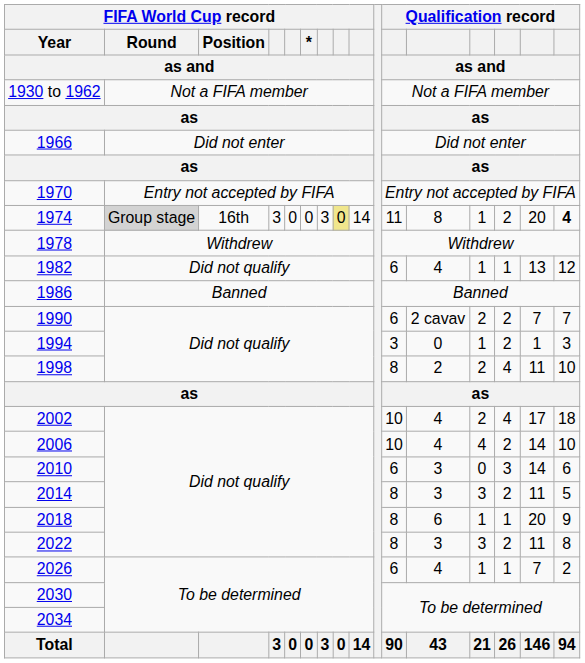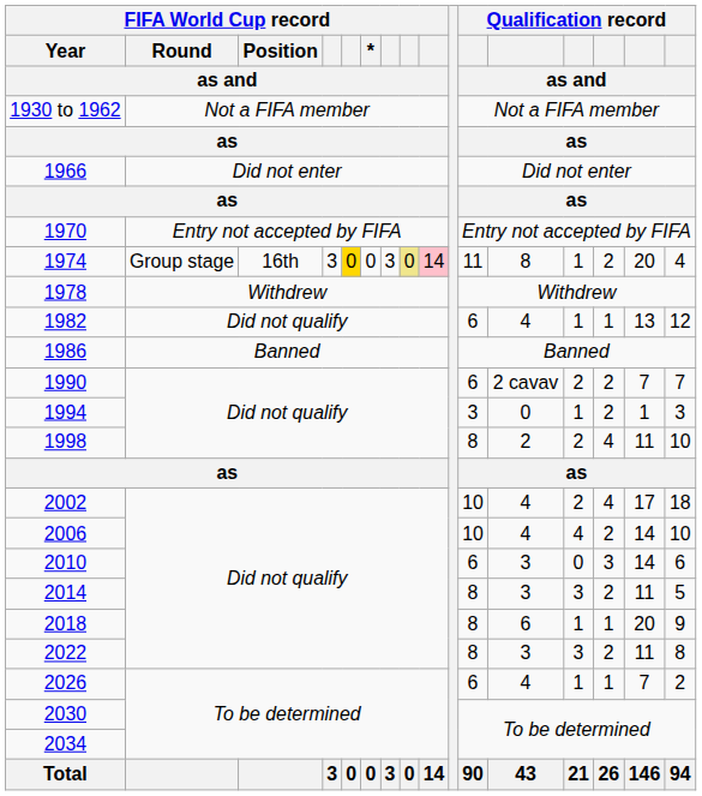 <table class="wikitable" style="text-align: center;">
 <tr>
 <th colspan=9><a href='#'>FIFA World Cup</a> record</th>
 <th rowspan=40></th>
 <th colspan=6><a href='#'>Qualification</a> record</th>
 </tr>
 <tr>
 <th>Year</th>
 <th>Round</th>
 <th>Position</th>
 <th></th>
 <th></th>
 <th>*</th>
 <th></th>
 <th></th>
 <th></th>
 <th></th>
 <th></th>
 <th></th>
 <th></th>
 <th></th>
 <th></th>
 </tr>
 <tr>
 <th colspan=9>as  and </th>
 <th colspan=6>as  and </th>
 </tr>
 <tr>
 <td><a href='#'>1930</a> to <a href='#'>1962</a></td>
 <td colspan=8><em>Not a FIFA member</em></td>
 <td colspan=6><em>Not a FIFA member</em></td>
 </tr>
 <tr>
 <th colspan=9>as </th>
 <th colspan=6>as </th>
 </tr>
 <tr>
 <td> <a href='#'>1966</a></td>
 <td colspan=8><em>Did not enter</em></td>
 <td colspan=6><em>Did not enter</em></td>
 </tr>
 <tr>
 <th colspan=9>as </th>
 <th colspan=6>as </th>
 </tr>
 <tr>
 <td> <a href='#'>1970</a></td>
 <td colspan=8><em>Entry not accepted by FIFA</em></td>
 <td colspan=6><em>Entry not accepted by FIFA</em></td>
 </tr>
 <tr>
 <td> <a href='#'>1974</a></td>
-<td style="background: lightgrey;">Group stage</td>
+<td>Group stage</td>
 <td>16th</td>
 <td>3</td>
-<td>0</td>
+<td style="background: gold;">0</td>
 <td>0</td>
 <td>3</td>
 <td style="background: khaki;">0</td>
-<td>14</td>
+<td style="background: pink;">14</td>
 <td>11</td>
 <td>8</td>
 <td>1</td>
 <td>2</td>
 <td>20</td>
-<td><strong>4</strong></td>
+<td>4</td>
 </tr>
 <tr>
 <td> <a href='#'>1978</a></td>
 <td colspan=8><em>Withdrew</em></td>
 <td colspan=6><em>Withdrew</em></td>
 </tr>
 <tr>
 <td> <a href='#'>1982</a></td>
 <td colspan=8><em>Did not qualify</em></td>
 <td>6</td>
 <td>4</td>
 <td>1</td>
 <td>1</td>
 <td>13</td>
 <td>12</td>
 </tr>
 <tr>
 <td> <a href='#'>1986</a></td>
 <td colspan=8><em>Banned</em></td>
 <td colspan=6><em>Banned</em></td>
 </tr>
 <tr>
 <td> <a href='#'>1990</a></td>
 <td colspan=8 rowspan=3><em>Did not qualify</em></td>
 <td>6</td>
 <td>2 cavav</td>
 <td>2</td>
 <td>2</td>
 <td>7</td>
 <td>7</td>
 </tr>
 <tr>
 <td> <a href='#'>1994</a></td>
 <td>3</td>
 <td>0</td>
 <td>1</td>
 <td>2</td>
 <td>1</td>
 <td>3</td>
 </tr>
 <tr>
 <td> <a href='#'>1998</a></td>
 <td>8</td>
 <td>2</td>
 <td>2</td>
 <td>4</td>
 <td>11</td>
 <td>10</td>
 </tr>
 <tr>
 <th colspan=9>as   </th>
 <th colspan=6>as   </th>
 </tr>
 <tr>
 <td>  <a href='#'>2002</a></td>
 <td colspan=8 rowspan=6><em>Did not qualify</em></td>
 <td>10</td>
 <td>4</td>
 <td>2</td>
 <td>4</td>
 <td>17</td>
 <td>18</td>
 </tr>
 <tr>
 <td> <a href='#'>2006</a></td>
 <td>10</td>
 <td>4</td>
 <td>4</td>
 <td>2</td>
 <td>14</td>
 <td>10</td>
 </tr>
 <tr>
 <td> <a href='#'>2010</a></td>
 <td>6</td>
 <td>3</td>
 <td>0</td>
 <td>3</td>
 <td>14</td>
 <td>6</td>
 </tr>
 <tr>
 <td> <a href='#'>2014</a></td>
 <td>8</td>
 <td>3</td>
 <td>3</td>
 <td>2</td>
 <td>11</td>
 <td>5</td>
 </tr>
 <tr>
 <td> <a href='#'>2018</a></td>
 <td>8</td>
 <td>6</td>
 <td>1</td>
 <td>1</td>
 <td>20</td>
 <td>9</td>
 </tr>
 <tr>
 <td> <a href='#'>2022</a></td>
 <td>8</td>
 <td>3</td>
 <td>3</td>
 <td>2</td>
 <td>11</td>
 <td>8</td>
 </tr>
 <tr>
 <td>   <a href='#'>2026</a></td>
 <td colspan=8 rowspan=3><em>To be determined</em></td>
 <td>6</td>
 <td>4</td>
 <td>1</td>
 <td>1</td>
 <td>7</td>
 <td>2</td>
 </tr>
 <tr>
 <td>   <a href='#'>2030</a></td>
 <td colspan=6 rowspan=2><em>To be determined</em></td>
 </tr>
 <tr>
 <td> <a href='#'>2034</a></td>
 </tr>
 <tr>
 <th>Total</th>
 <th></th>
 <th></th>
 <th>3</th>
 <th>0</th>
 <th>0</th>
 <th>3</th>
 <th>0</th>
 <th>14</th>
 <th>90</th>
 <th>43</th>
 <th>21</th>
 <th>26</th>
 <th>146</th>
 <th>94</th>
 </tr>
 </table>
